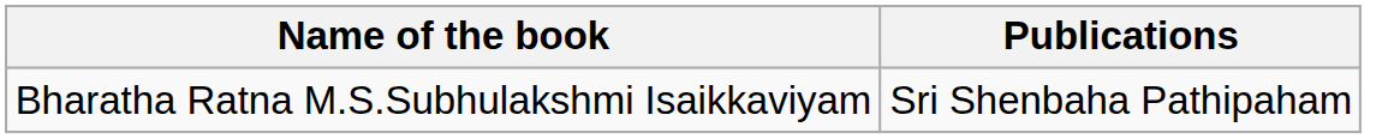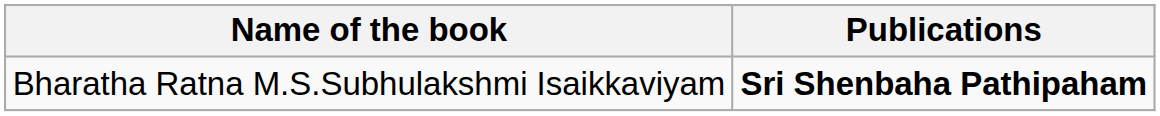 <table class="wikitable sortable">
 <tr>
 <th>Name of the book</th>
 <th>Publications</th>
 </tr>
 <tr>
 <td>Bharatha Ratna M.S.Subhulakshmi Isaikkaviyam</td>
-<td>Sri Shenbaha Pathipaham</td>
+<td><strong>Sri Shenbaha Pathipaham</strong></td>
 </tr>
 </table>
